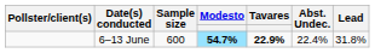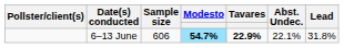 <table class="wikitable" style="text-align:center;font-size:90%;line-height:14px;">
 <tr>
 <th rowspan="2">Pollster/client(s)</th>
 <th rowspan="2">Date(s)<br>conducted</th>
 <th rowspan="2">Sample<br>size</th>
 <th><a href='#'>Modesto</a><br></th>
 <th>Tavares<br></th>
 <th rowspan="2">Abst.<br>Undec.</th>
 <th rowspan="2">Lead</th>
 </tr>
 <tr>
 <th class="sortable" data-sort-type="number" style="background:"></th>
 <th class="sortable" data-sort-type="number" style="background:"></th>
 </tr>
 <tr>
 <td></td>
 <td>6–13 June</td>
-<td>600</td>
+<td>606</td>
 <td style="background:#97e3ff;"><strong>54.7%</strong></td>
 <td><strong>22.9%</strong></td>
-<td>22.4%</td>
+<td>22.1%</td>
 <td style="background:">31.8%</td>
 </tr>
 </table>
